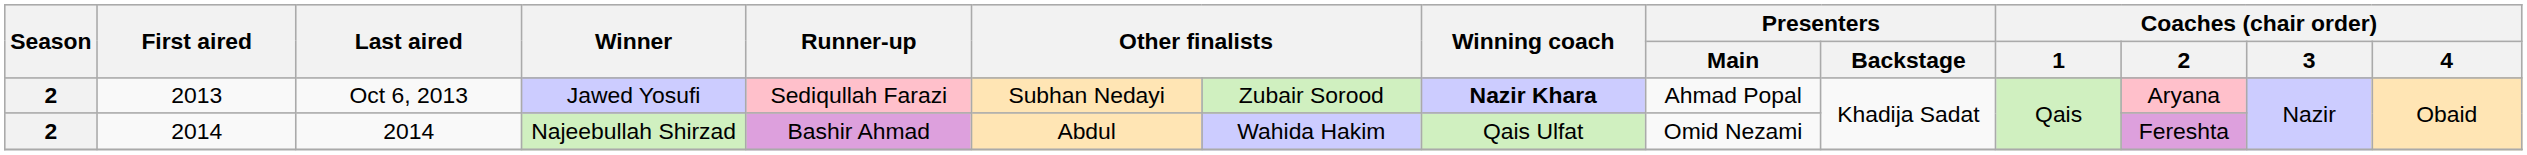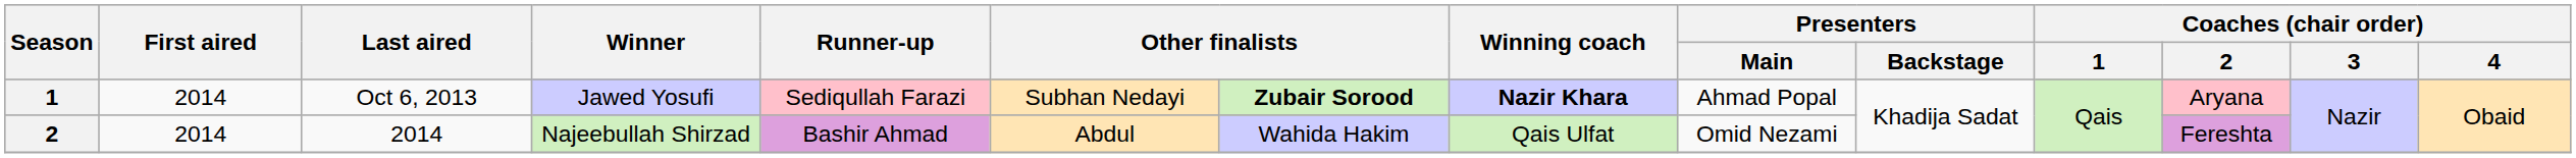 <table class="wikitable" style="text-align: center; font-size:90%; line-height:16px;" width="100%">
 <tr>
 <th style="width:01%;" rowspan="2" scope="col">Season</th>
 <th style="width:08%;" rowspan="2" scope="col">First aired</th>
 <th style="width:09%;" rowspan="2" scope="col">Last aired</th>
 <th style="width:09%;" rowspan="2" scope="col">Winner</th>
 <th style="width:09%;" rowspan="2" scope="col">Runner-up</th>
 <th style="width:18%;" rowspan="2" colspan="2" scope="col">Other finalists</th>
 <th style="width:09%;" rowspan="2" scope="col">Winning coach</th>
 <th style="width:09%;" colspan="2" rowspan="1" scope="col">Presenters</th>
 <th colspan="4" scope="col" width="24%">Coaches (chair order)</th>
 </tr>
 <tr>
 <th scope="col" width="7%">Main</th>
 <th scope="col" width="7%">Backstage</th>
 <th scope="col" width="5%">1</th>
 <th scope="col" width="5%">2</th>
 <th scope="col" width="5%">3</th>
 <th scope="col" width="6%">4</th>
 </tr>
 <tr>
-<th>2</th>
-<td> 2013</td>
+<th>1</th>
+<td> 2014</td>
 <td>Oct 6, 2013</td>
 <td bgcolor="#ccf">Jawed Yosufi</td>
 <td bgcolor="pink">Sediqullah Farazi</td>
 <td bgcolor="#ffe5b4">Subhan Nedayi</td>
-<td bgcolor="#d0f0c0">Zubair Sorood</td>
+<td bgcolor="#d0f0c0"><strong>Zubair Sorood</strong></td>
 <td bgcolor="#ccf"><strong>Nazir Khara</strong></td>
 <td>Ahmad Popal</td>
 <td rowspan="2">Khadija Sadat</td>
 <td rowspan="2"  bgcolor="#d0f0c0">Qais</td>
 <td bgcolor="pink">Aryana</td>
 <td rowspan="2" bgcolor="#ccf">Nazir</td>
 <td rowspan="2" bgcolor="#ffe5b4">Obaid</td>
 </tr>
 <tr>
 <th>2</th>
 <td> 2014</td>
 <td> 2014</td>
 <td bgcolor="#d0f0c0">Najeebullah Shirzad</td>
 <td bgcolor="#dda0dd">Bashir Ahmad</td>
 <td bgcolor="#ffe5b4">Abdul </td>
 <td bgcolor="#ccf">Wahida Hakim</td>
 <td bgcolor=#d0f0c0>Qais Ulfat</td>
 <td>Omid Nezami</td>
 <td bgcolor="#dda0dd">Fereshta</td>
 </tr>
 <tr>
 </tr>
 </table>
